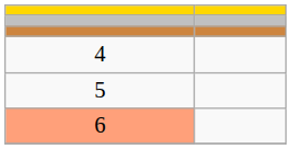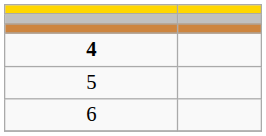 <table class="wikitable" style="width:200px;">
 <tr style="background:gold;">
 <td align=center></td>
 <td></td>
 </tr>
 <tr style="background:silver;">
 <td align=center></td>
 <td></td>
 </tr>
 <tr style="background:peru;">
 <td align=center></td>
 <td></td>
 </tr>
 <tr>
-<td align=center>4</td>
+<td align=center><strong>4</strong></td>
 <td></td>
 </tr>
 <tr>
 <td align=center>5</td>
 <td></td>
 </tr>
 <tr>
-<td align=center style="background: lightsalmon;">6</td>
+<td align=center>6</td>
 <td></td>
 </tr>
 <tr>
 </tr>
 </table>
